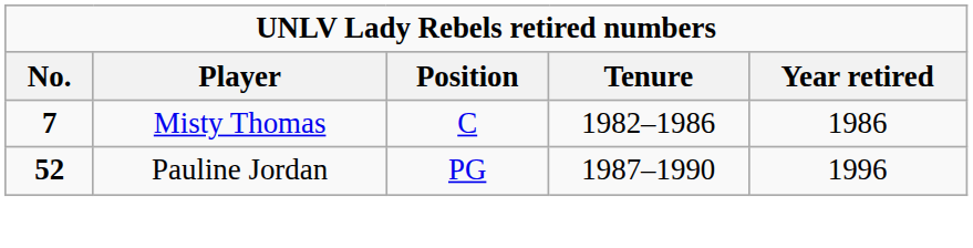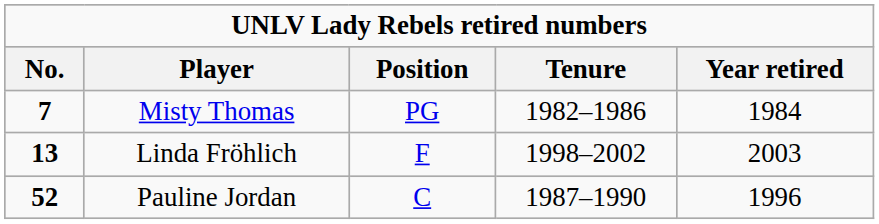 <table class="wikitable sortable" style="text-align:center">
 <tr>
 <td colspan="5"><strong>UNLV Lady Rebels retired numbers</strong></td>
 </tr>
 <tr>
 <th width=40px>No.</th>
 <th width=150px>Player</th>
 <th width=80px>Position</th>
 <th width=100px>Tenure</th>
 <th width=110px>Year retired</th>
 </tr>
 <tr>
 <td><strong>7</strong></td>
 <td><a href='#'>Misty Thomas</a></td>
-<td><a href='#'>C</a></td>
+<td><a href='#'>PG</a></td>
 <td>1982–1986</td>
-<td>1986</td>
+<td>1984</td>
+</tr>
+<tr>
+<td><strong>13</strong></td>
+<td>Linda Fröhlich</td>
+<td><a href='#'>F</a></td>
+<td>1998–2002</td>
+<td>2003</td>
 </tr>
 <tr>
 <td><strong>52</strong></td>
 <td>Pauline Jordan</td>
-<td><a href='#'>PG</a></td>
+<td><a href='#'>C</a></td>
 <td>1987–1990</td>
 <td>1996</td>
 </tr>
 </table>
